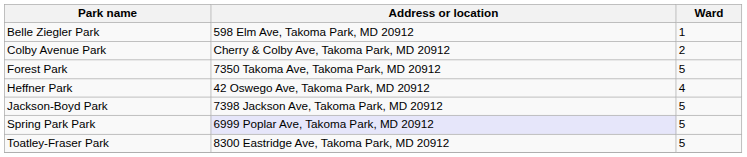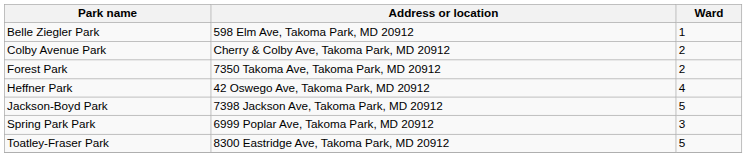 <table class="wikitable" style="width: 80%;">
 <tr>
 <th>Park name</th>
 <th>Address or location</th>
 <th>Ward</th>
 </tr>
 <tr>
 <td>Belle Ziegler Park</td>
 <td>598 Elm Ave, Takoma Park, MD 20912</td>
 <td>1</td>
 </tr>
 <tr>
 <td>Colby Avenue Park</td>
 <td>Cherry & Colby Ave, Takoma Park, MD 20912</td>
 <td>2</td>
 </tr>
 <tr>
 <td>Forest Park</td>
 <td>7350 Takoma Ave, Takoma Park, MD 20912</td>
-<td>5</td>
+<td>2</td>
 </tr>
 <tr>
 <td>Heffner Park</td>
 <td>42 Oswego Ave, Takoma Park, MD 20912</td>
 <td>4</td>
 </tr>
 <tr>
 <td>Jackson-Boyd Park</td>
 <td>7398 Jackson Ave, Takoma Park, MD 20912</td>
 <td>5</td>
 </tr>
 <tr>
 <td>Spring Park Park</td>
-<td style="background: lavender;">6999 Poplar Ave, Takoma Park, MD 20912</td>
-<td>5</td>
+<td>6999 Poplar Ave, Takoma Park, MD 20912</td>
+<td>3</td>
 </tr>
 <tr>
 <td>Toatley-Fraser Park</td>
 <td>8300 Eastridge Ave, Takoma Park, MD 20912</td>
 <td>5</td>
 </tr>
 <tr>
 </tr>
 </table>
